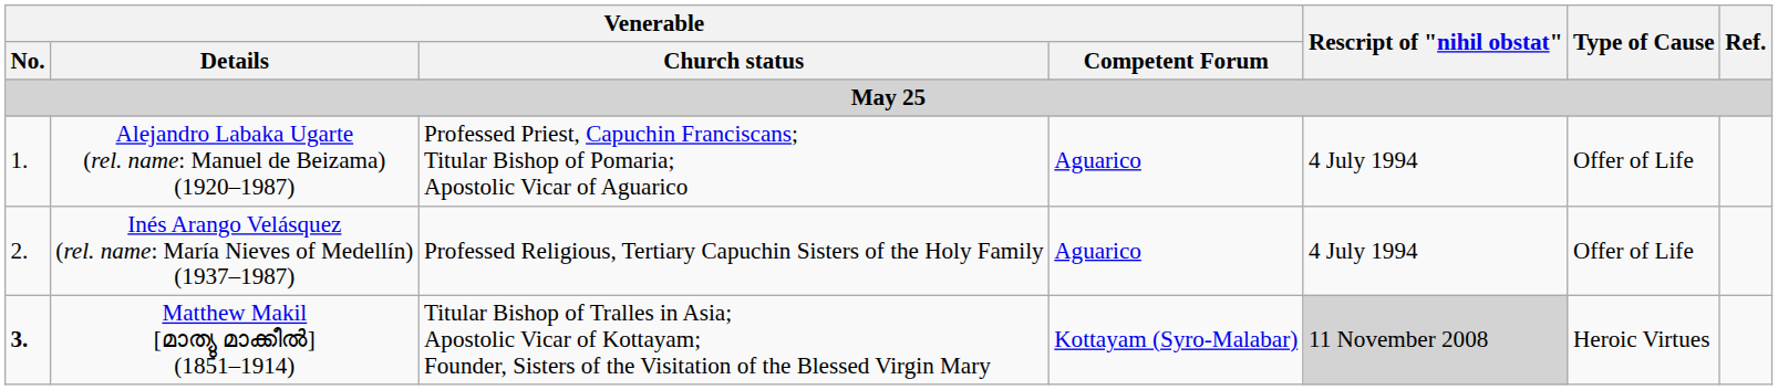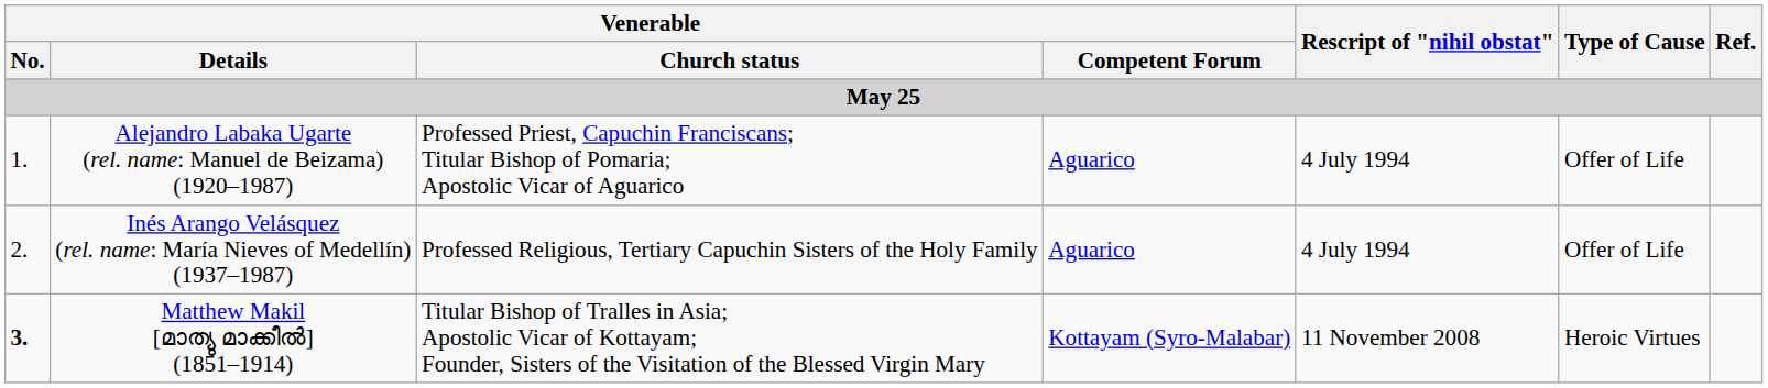 <table class="wikitable">
 <tr>
 <th colspan=4>Venerable</th>
 <th rowspan=2>Rescript of "<a href='#'>nihil obstat</a>"</th>
 <th rowspan="2">Type of Cause</th>
 <th rowspan=2>Ref.</th>
 </tr>
 <tr>
 <th>No.</th>
 <th>Details</th>
 <th>Church status</th>
 <th>Competent Forum</th>
 </tr>
 <tr id="May 25">
 <td colspan="7" align=center style="background:lightgray;white-space:nowrap"><strong>May 25</strong></td>
 </tr>
 <tr>
 <td>1.</td>
 <td align="center"><a href='#'>Alejandro Labaka Ugarte</a><br>(<em>rel. name</em>: Manuel de Beizama)<br>(1920–1987)</td>
 <td>Professed Priest, <a href='#'>Capuchin Franciscans</a>;<br>Titular Bishop of Pomaria;<br>Apostolic Vicar of Aguarico</td>
 <td><a href='#'>Aguarico</a></td>
 <td>4 July 1994</td>
 <td>Offer of Life</td>
 <td></td>
 </tr>
 <tr>
 <td>2.</td>
 <td align="center"><a href='#'>Inés Arango Velásquez</a><br>(<em>rel. name</em>: María Nieves of Medellín)<br>(1937–1987)</td>
 <td>Professed Religious, Tertiary Capuchin Sisters of the Holy Family</td>
 <td><a href='#'>Aguarico</a></td>
 <td>4 July 1994</td>
 <td>Offer of Life</td>
 <td></td>
 </tr>
 <tr>
 <td><strong>3.</strong></td>
 <td align="center"><a href='#'>Matthew Makil</a><br>[മാത്യു മാക്കീൽ]<br>(1851–1914)</td>
 <td>Titular Bishop of Tralles in Asia;<br>Apostolic Vicar of Kottayam;<br>Founder, Sisters of the Visitation of the Blessed Virgin Mary</td>
 <td><a href='#'>Kottayam (Syro-Malabar)</a></td>
-<td style="background: lightgrey;">11 November 2008</td>
+<td>11 November 2008</td>
 <td>Heroic Virtues</td>
 <td></td>
 </tr>
 </table>
